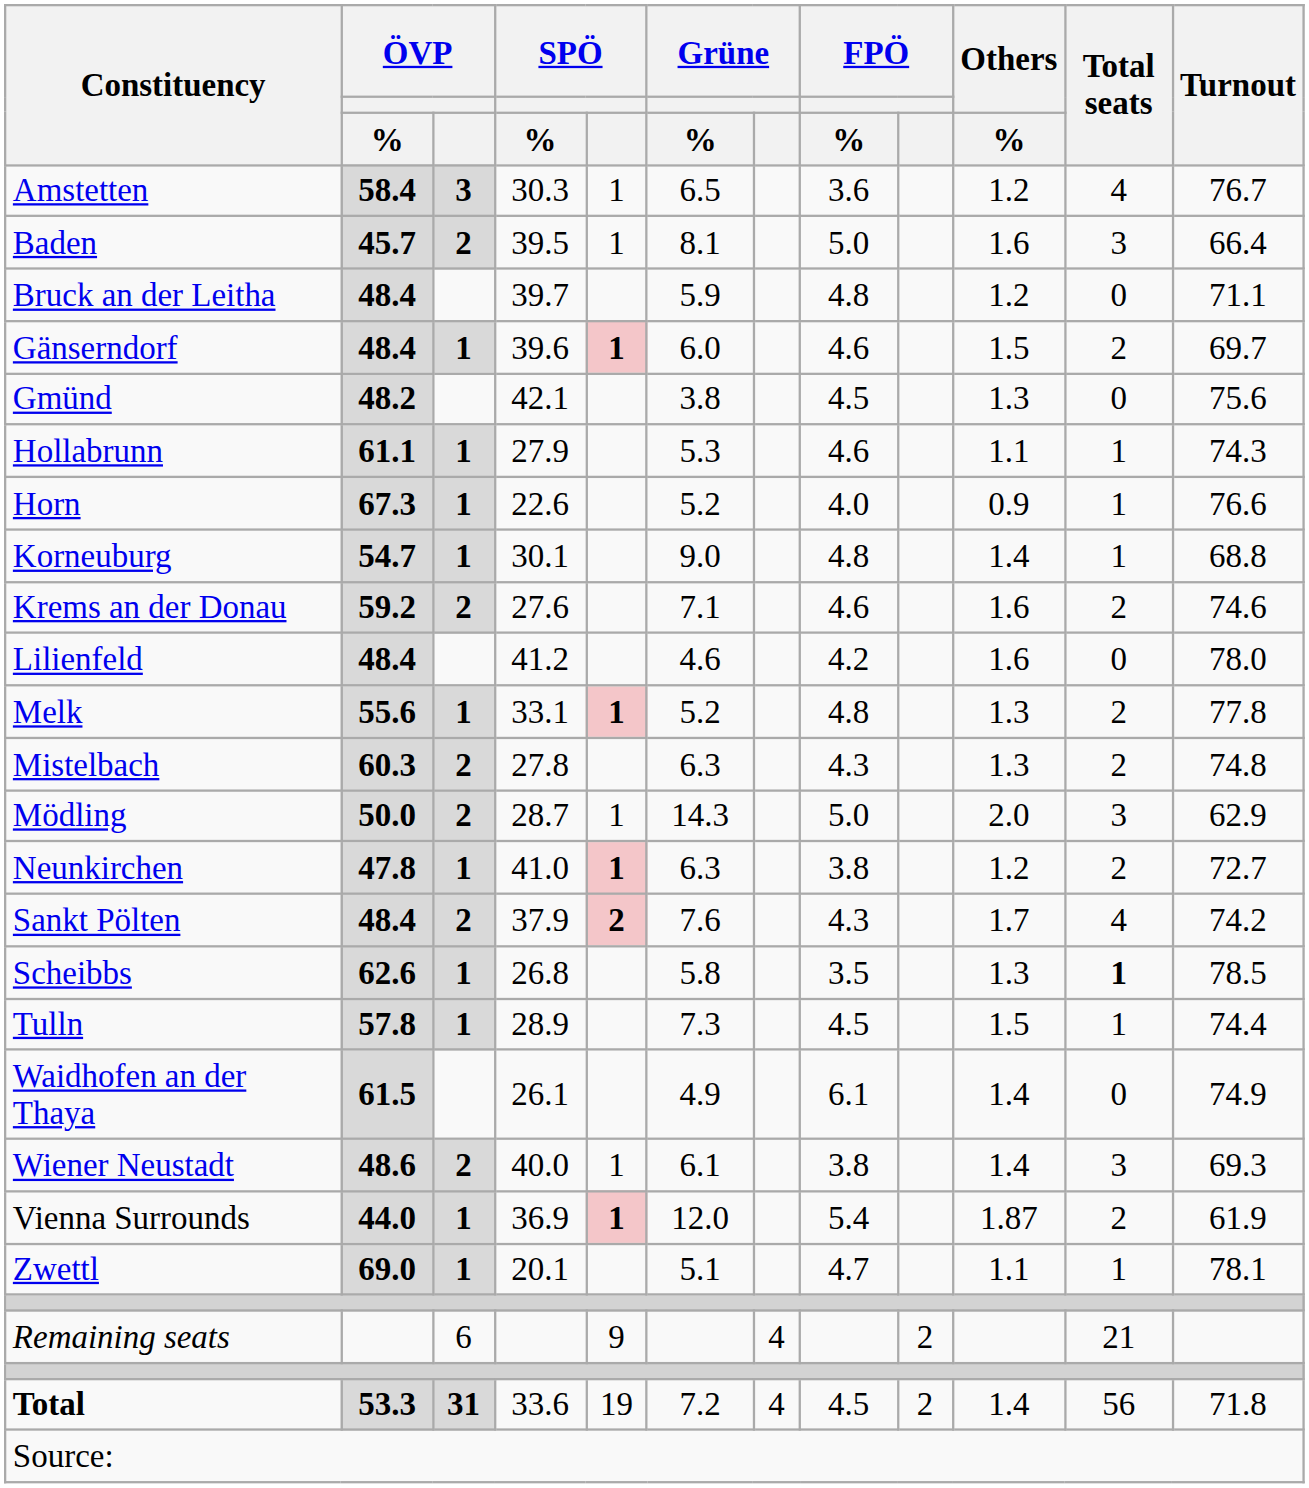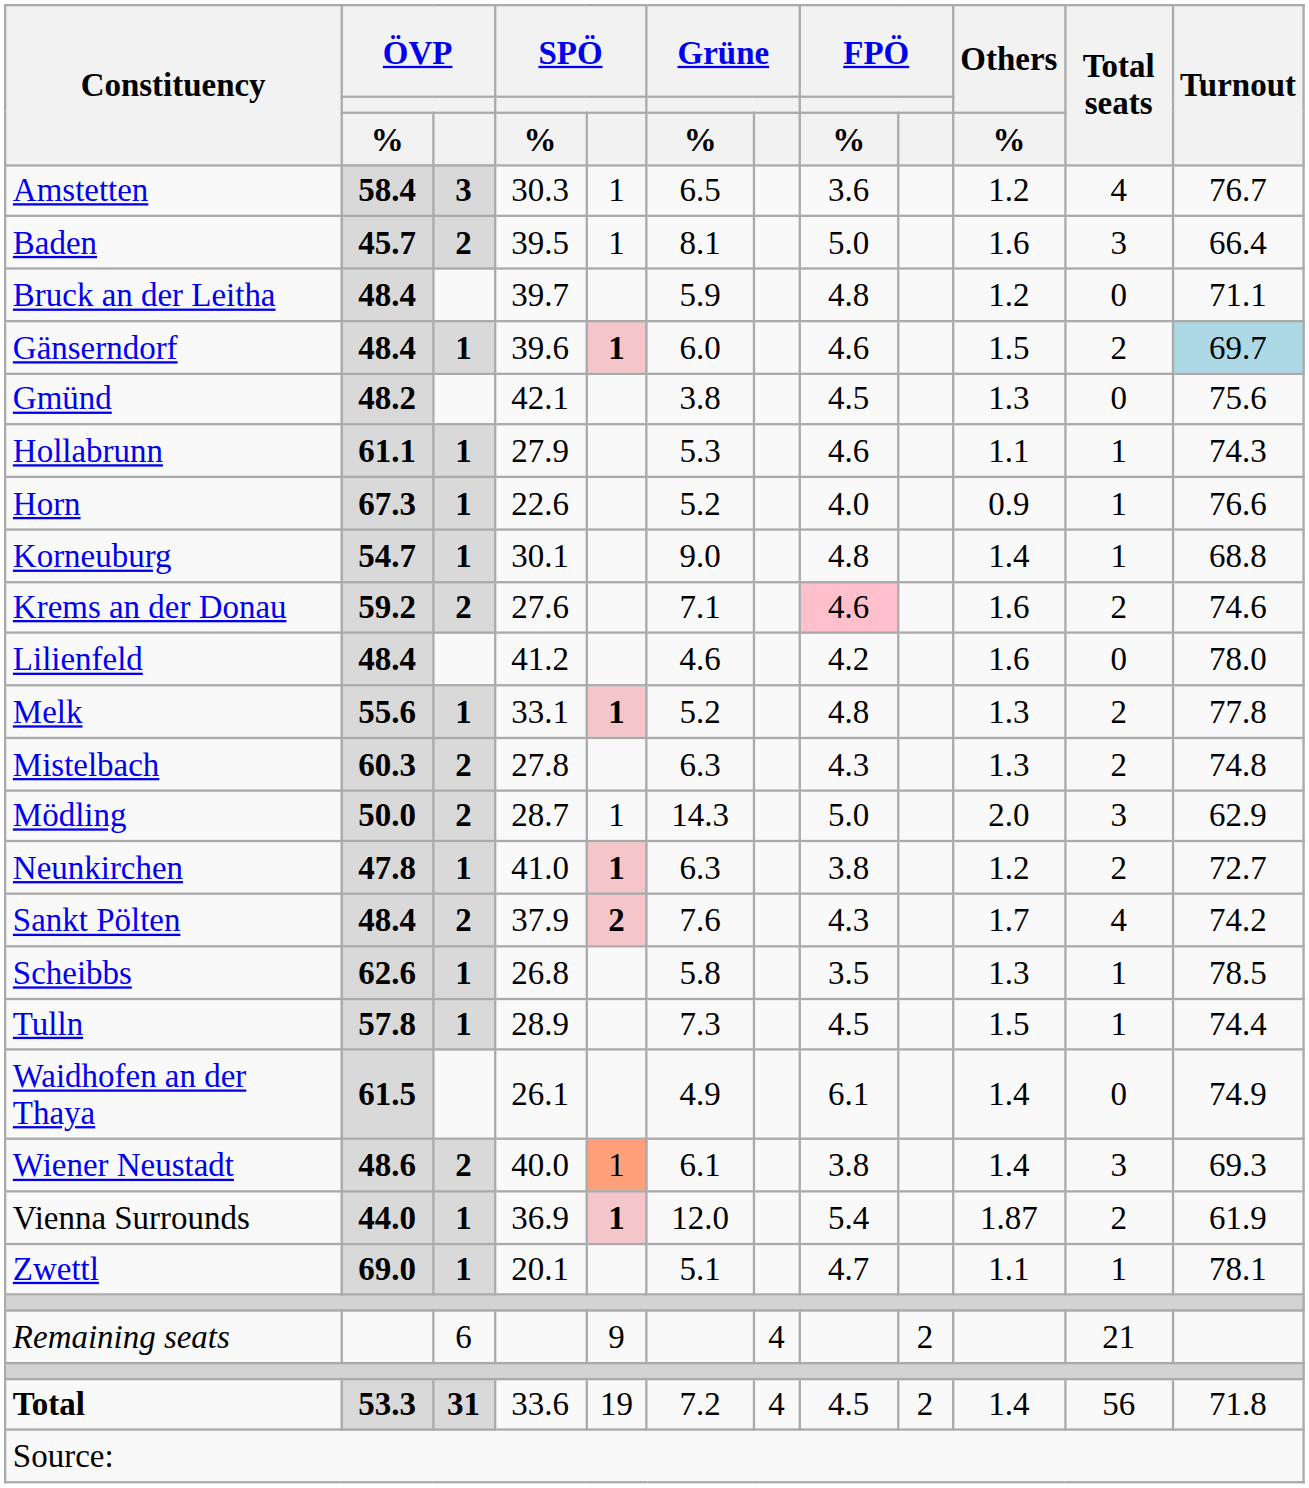 <table class="wikitable" style="text-align:center;font-size:90%;line-height:16px">
 <tr style="height:40px;">
 <th style="width:140px;" rowspan="3">Constituency</th>
 <th style="width:60px;" colspan="2"><a href='#'>ÖVP</a></th>
 <th style="width:60px;" colspan="2"><a href='#'>SPÖ</a></th>
 <th style="width:60px;" colspan="2"><a href='#'>Grüne</a></th>
 <th style="width:60px;" colspan="2"><a href='#'>FPÖ</a></th>
 <th class="unsortable" style="width:40px;" rowspan="2">Others</th>
 <th class="unsortable" style="width:40px;" rowspan="3">Total<br>seats</th>
 <th class="unsortable" style="width:40px;" rowspan="3">Turnout</th>
 </tr>
 <tr>
 <th colspan="2" style="background:"></th>
 <th colspan="2" style="background:"></th>
 <th colspan="2" style="background:"></th>
 <th colspan="2" style="background:"></th>
 </tr>
 <tr>
 <th class=unsortable>%</th>
 <th class=unsortable></th>
 <th class=unsortable>%</th>
 <th class=unsortable></th>
 <th class=unsortable>%</th>
 <th class=unsortable></th>
 <th class=unsortable>%</th>
 <th class=unsortable></th>
 <th class=unsortable>%</th>
 </tr>
 <tr>
 <td align=left><a href='#'>Amstetten</a></td>
 <td bgcolor=#D9D9D9><strong>58.4</strong></td>
 <td bgcolor=#D9D9D9><strong>3</strong></td>
 <td>30.3</td>
 <td>1</td>
 <td>6.5</td>
 <td></td>
 <td>3.6</td>
 <td></td>
 <td>1.2</td>
 <td>4</td>
 <td>76.7</td>
 </tr>
 <tr>
 <td align=left><a href='#'>Baden</a></td>
 <td bgcolor=#D9D9D9><strong>45.7</strong></td>
 <td bgcolor=#D9D9D9><strong>2</strong></td>
 <td>39.5</td>
 <td>1</td>
 <td>8.1</td>
 <td></td>
 <td>5.0</td>
 <td></td>
 <td>1.6</td>
 <td>3</td>
 <td>66.4</td>
 </tr>
 <tr>
 <td align=left><a href='#'>Bruck an der Leitha</a></td>
 <td bgcolor=#D9D9D9><strong>48.4</strong></td>
 <td></td>
 <td>39.7</td>
 <td></td>
 <td>5.9</td>
 <td></td>
 <td>4.8</td>
 <td></td>
 <td>1.2</td>
 <td>0</td>
 <td>71.1</td>
 </tr>
 <tr>
 <td align=left><a href='#'>Gänserndorf</a></td>
 <td bgcolor=#D9D9D9><strong>48.4</strong></td>
 <td bgcolor=#D9D9D9><strong>1</strong></td>
 <td>39.6</td>
 <td bgcolor=#F4C6C9><strong>1</strong></td>
 <td>6.0</td>
 <td></td>
 <td>4.6</td>
 <td></td>
 <td>1.5</td>
 <td>2</td>
-<td>69.7</td>
+<td style="background: lightblue;">69.7</td>
 </tr>
 <tr>
 <td align=left><a href='#'>Gmünd</a></td>
 <td bgcolor=#D9D9D9><strong>48.2</strong></td>
 <td></td>
 <td>42.1</td>
 <td></td>
 <td>3.8</td>
 <td></td>
 <td>4.5</td>
 <td></td>
 <td>1.3</td>
 <td>0</td>
 <td>75.6</td>
 </tr>
 <tr>
 <td align=left><a href='#'>Hollabrunn</a></td>
 <td bgcolor=#D9D9D9><strong>61.1</strong></td>
 <td bgcolor=#D9D9D9><strong>1</strong></td>
 <td>27.9</td>
 <td></td>
 <td>5.3</td>
 <td></td>
 <td>4.6</td>
 <td></td>
 <td>1.1</td>
 <td>1</td>
 <td>74.3</td>
 </tr>
 <tr>
 <td align=left><a href='#'>Horn</a></td>
 <td bgcolor=#D9D9D9><strong>67.3</strong></td>
 <td bgcolor=#D9D9D9><strong>1</strong></td>
 <td>22.6</td>
 <td></td>
 <td>5.2</td>
 <td></td>
 <td>4.0</td>
 <td></td>
 <td>0.9</td>
 <td>1</td>
 <td>76.6</td>
 </tr>
 <tr>
 <td align=left><a href='#'>Korneuburg</a></td>
 <td bgcolor=#D9D9D9><strong>54.7</strong></td>
 <td bgcolor=#D9D9D9><strong>1</strong></td>
 <td>30.1</td>
 <td></td>
 <td>9.0</td>
 <td></td>
 <td>4.8</td>
 <td></td>
 <td>1.4</td>
 <td>1</td>
 <td>68.8</td>
 </tr>
 <tr>
 <td align=left><a href='#'>Krems an der Donau</a></td>
 <td bgcolor=#D9D9D9><strong>59.2</strong></td>
 <td bgcolor=#D9D9D9><strong>2</strong></td>
 <td>27.6</td>
 <td></td>
 <td>7.1</td>
 <td></td>
-<td>4.6</td>
+<td style="background: pink;">4.6</td>
 <td></td>
 <td>1.6</td>
 <td>2</td>
 <td>74.6</td>
 </tr>
 <tr>
 <td align=left><a href='#'>Lilienfeld</a></td>
 <td bgcolor=#D9D9D9><strong>48.4</strong></td>
 <td></td>
 <td>41.2</td>
 <td></td>
 <td>4.6</td>
 <td></td>
 <td>4.2</td>
 <td></td>
 <td>1.6</td>
 <td>0</td>
 <td>78.0</td>
 </tr>
 <tr>
 <td align=left><a href='#'>Melk</a></td>
 <td bgcolor=#D9D9D9><strong>55.6</strong></td>
 <td bgcolor=#D9D9D9><strong>1</strong></td>
 <td>33.1</td>
 <td bgcolor=#F4C6C9><strong>1</strong></td>
 <td>5.2</td>
 <td></td>
 <td>4.8</td>
 <td></td>
 <td>1.3</td>
 <td>2</td>
 <td>77.8</td>
 </tr>
 <tr>
 <td align=left><a href='#'>Mistelbach</a></td>
 <td bgcolor=#D9D9D9><strong>60.3</strong></td>
 <td bgcolor=#D9D9D9><strong>2</strong></td>
 <td>27.8</td>
 <td></td>
 <td>6.3</td>
 <td></td>
 <td>4.3</td>
 <td></td>
 <td>1.3</td>
 <td>2</td>
 <td>74.8</td>
 </tr>
 <tr>
 <td align=left><a href='#'>Mödling</a></td>
 <td bgcolor=#D9D9D9><strong>50.0</strong></td>
 <td bgcolor=#D9D9D9><strong>2</strong></td>
 <td>28.7</td>
 <td>1</td>
 <td>14.3</td>
 <td></td>
 <td>5.0</td>
 <td></td>
 <td>2.0</td>
 <td>3</td>
 <td>62.9</td>
 </tr>
 <tr>
 <td align=left><a href='#'>Neunkirchen</a></td>
 <td bgcolor=#D9D9D9><strong>47.8</strong></td>
 <td bgcolor=#D9D9D9><strong>1</strong></td>
 <td>41.0</td>
 <td bgcolor=#F4C6C9><strong>1</strong></td>
 <td>6.3</td>
 <td></td>
 <td>3.8</td>
 <td></td>
 <td>1.2</td>
 <td>2</td>
 <td>72.7</td>
 </tr>
 <tr>
 <td align=left><a href='#'>Sankt Pölten</a></td>
 <td bgcolor=#D9D9D9><strong>48.4</strong></td>
 <td bgcolor=#D9D9D9><strong>2</strong></td>
 <td>37.9</td>
 <td bgcolor=#F4C6C9><strong>2</strong></td>
 <td>7.6</td>
 <td></td>
 <td>4.3</td>
 <td></td>
 <td>1.7</td>
 <td>4</td>
 <td>74.2</td>
 </tr>
 <tr>
 <td align=left><a href='#'>Scheibbs</a></td>
 <td bgcolor=#D9D9D9><strong>62.6</strong></td>
 <td bgcolor=#D9D9D9><strong>1</strong></td>
 <td>26.8</td>
 <td></td>
 <td>5.8</td>
 <td></td>
 <td>3.5</td>
 <td></td>
 <td>1.3</td>
-<td><strong>1</strong></td>
+<td>1</td>
 <td>78.5</td>
 </tr>
 <tr>
 <td align=left><a href='#'>Tulln</a></td>
 <td bgcolor=#D9D9D9><strong>57.8</strong></td>
 <td bgcolor=#D9D9D9><strong>1</strong></td>
 <td>28.9</td>
 <td></td>
 <td>7.3</td>
 <td></td>
 <td>4.5</td>
 <td></td>
 <td>1.5</td>
 <td>1</td>
 <td>74.4</td>
 </tr>
 <tr>
 <td align=left><a href='#'>Waidhofen an der Thaya</a></td>
 <td bgcolor=#D9D9D9><strong>61.5</strong></td>
 <td></td>
 <td>26.1</td>
 <td></td>
 <td>4.9</td>
 <td></td>
 <td>6.1</td>
 <td></td>
 <td>1.4</td>
 <td>0</td>
 <td>74.9</td>
 </tr>
 <tr>
 <td align=left><a href='#'>Wiener Neustadt</a></td>
 <td bgcolor=#D9D9D9><strong>48.6</strong></td>
 <td bgcolor=#D9D9D9><strong>2</strong></td>
 <td>40.0</td>
-<td>1</td>
+<td style="background: lightsalmon;">1</td>
 <td>6.1</td>
 <td></td>
 <td>3.8</td>
 <td></td>
 <td>1.4</td>
 <td>3</td>
 <td>69.3</td>
 </tr>
 <tr>
 <td align=left>Vienna Surrounds</td>
 <td bgcolor=#D9D9D9><strong>44.0</strong></td>
 <td bgcolor=#D9D9D9><strong>1</strong></td>
 <td>36.9</td>
 <td bgcolor=#F4C6C9><strong>1</strong></td>
 <td>12.0</td>
 <td></td>
 <td>5.4</td>
 <td></td>
 <td>1.87</td>
 <td>2</td>
 <td>61.9</td>
 </tr>
 <tr>
 <td align=left><a href='#'>Zwettl</a></td>
 <td bgcolor=#D9D9D9><strong>69.0</strong></td>
 <td bgcolor=#D9D9D9><strong>1</strong></td>
 <td>20.1</td>
 <td></td>
 <td>5.1</td>
 <td></td>
 <td>4.7</td>
 <td></td>
 <td>1.1</td>
 <td>1</td>
 <td>78.1</td>
 </tr>
 <tr>
 <td colspan=14 bgcolor=lightgrey></td>
 </tr>
 <tr>
 <td align=left><em>Remaining seats</em></td>
 <td></td>
 <td>6</td>
 <td></td>
 <td>9</td>
 <td></td>
 <td>4</td>
 <td></td>
 <td>2</td>
 <td></td>
 <td>21</td>
 <td></td>
 </tr>
 <tr>
 <td colspan=14 bgcolor=lightgrey></td>
 </tr>
 <tr>
 <td align=left><strong>Total</strong></td>
 <td bgcolor=#D9D9D9><strong>53.3</strong></td>
 <td bgcolor=#D9D9D9><strong>31</strong></td>
 <td>33.6</td>
 <td>19</td>
 <td>7.2</td>
 <td>4</td>
 <td>4.5</td>
 <td>2</td>
 <td>1.4</td>
 <td>56</td>
 <td>71.8</td>
 </tr>
 <tr class=sortbottom>
 <td colspan=14 align=left>Source: </td>
 </tr>
 </table>
